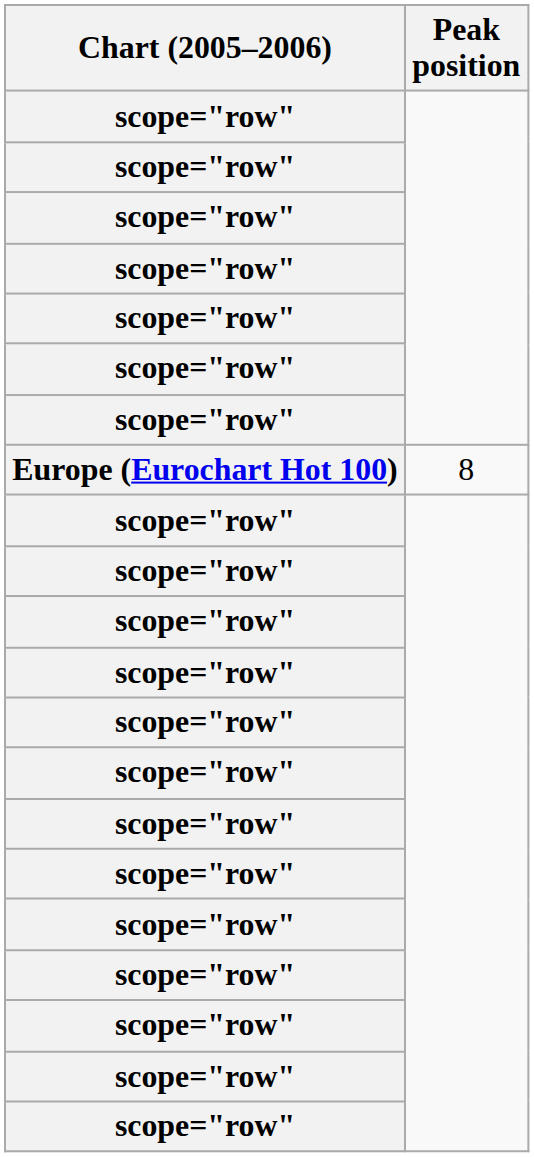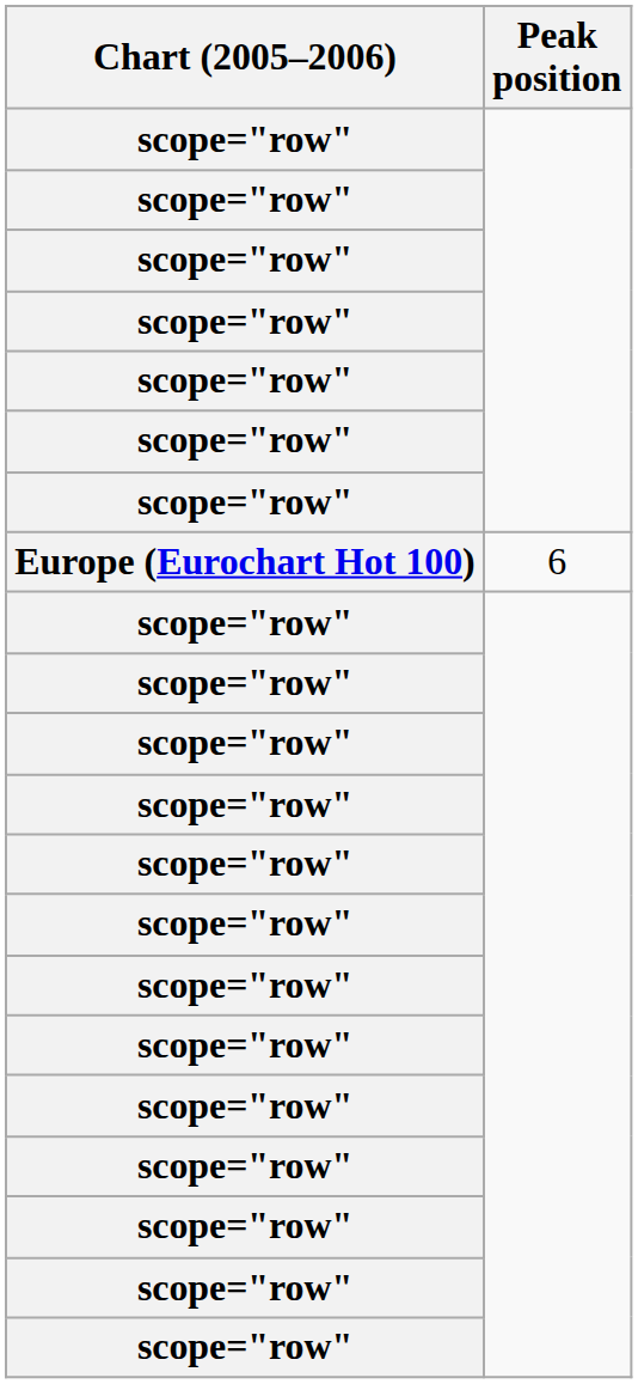 <table class="wikitable sortable plainrowheaders" style="text-align:center">
 <tr>
 <th scope="col">Chart (2005–2006)</th>
 <th scope="col">Peak<br>position</th>
 </tr>
 <tr>
 <th>scope="row"</th>
 </tr>
 <tr>
 <th>scope="row"</th>
 </tr>
 <tr>
 <th>scope="row"</th>
 </tr>
 <tr>
 <th>scope="row"</th>
 </tr>
 <tr>
 <th>scope="row"</th>
 </tr>
 <tr>
 <th>scope="row"</th>
 </tr>
 <tr>
 <th>scope="row"</th>
 </tr>
 <tr>
 <th scope="row">Europe (<a href='#'>Eurochart Hot 100</a>)</th>
-<td>8</td>
+<td>6</td>
 </tr>
 <tr>
 <th>scope="row"</th>
 </tr>
 <tr>
 <th>scope="row"</th>
 </tr>
 <tr>
 <th>scope="row"</th>
 </tr>
 <tr>
 <th>scope="row"</th>
 </tr>
 <tr>
 <th>scope="row"</th>
 </tr>
 <tr>
 <th>scope="row"</th>
 </tr>
 <tr>
 <th>scope="row"</th>
 </tr>
 <tr>
 <th>scope="row"</th>
 </tr>
 <tr>
 <th>scope="row"</th>
 </tr>
 <tr>
 <th>scope="row"</th>
 </tr>
 <tr>
 <th>scope="row"</th>
 </tr>
 <tr>
 <th>scope="row"</th>
 </tr>
 <tr>
 <th>scope="row"</th>
 </tr>
 </table>
